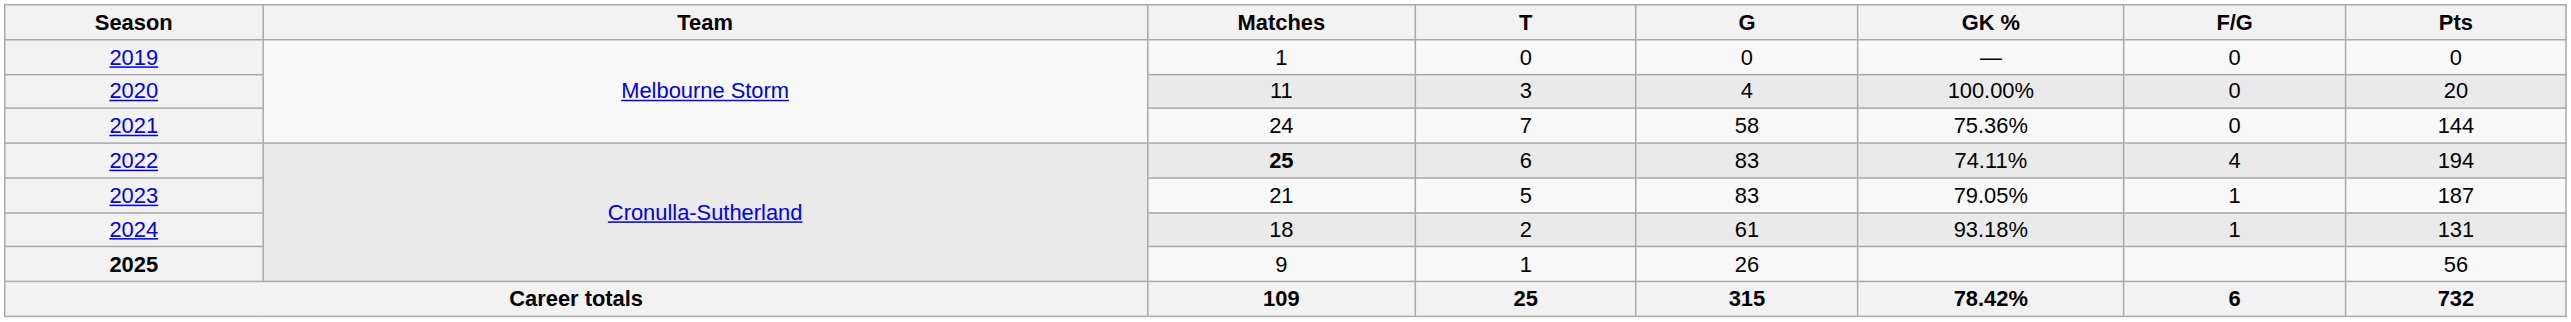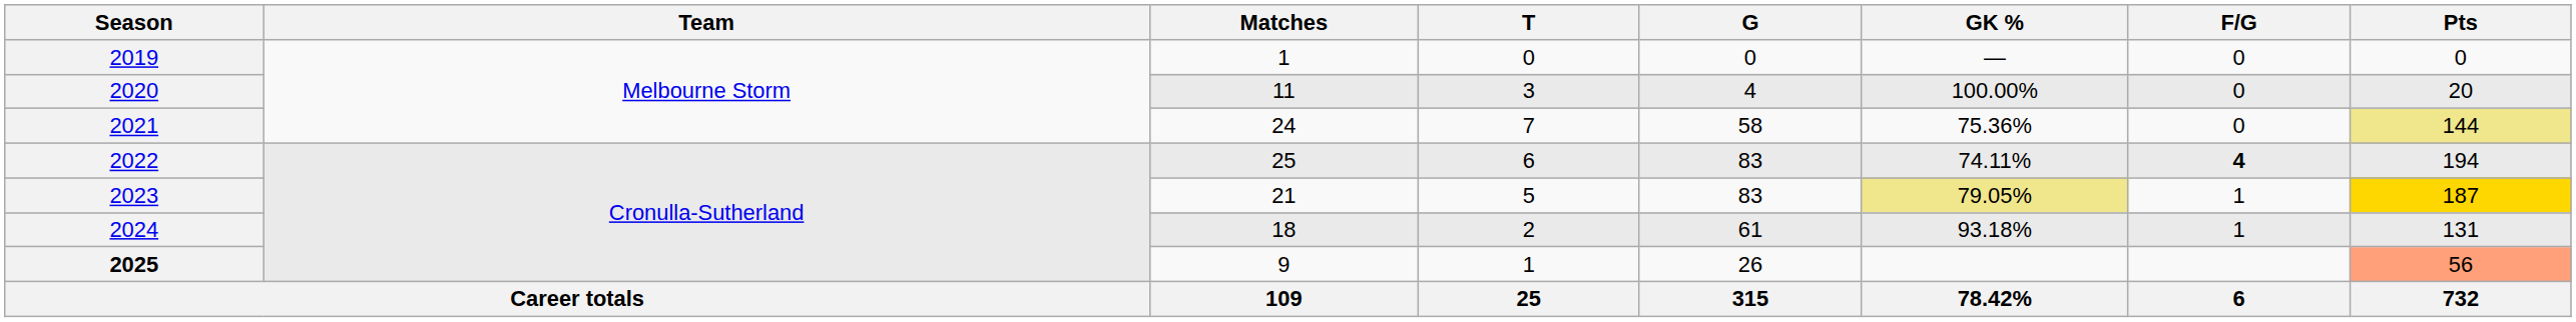 <table class="wikitable sortable"  style="font-size:90%; text-align:center; width:85%;">
 <tr>
 <th width=2%>Season</th>
 <th width=8%>Team</th>
 <th width=2%>Matches</th>
 <th width=2%>T</th>
 <th width=2%>G</th>
 <th width=2%>GK %</th>
 <th width=2%>F/G</th>
 <th width=2%>Pts</th>
 </tr>
 <tr>
 <th scope="row" style="text-align:center; font-weight:normal"><a href='#'>2019</a></th>
 <td rowspan="3" style="text-align:center;"> <a href='#'>Melbourne Storm</a></td>
 <td>1</td>
 <td>0</td>
 <td>0</td>
 <td>—</td>
 <td>0</td>
 <td>0</td>
 </tr>
 <tr style="background:#eaeaea;">
 <th scope="row" style="text-align:center; font-weight:normal"><a href='#'>2020</a></th>
 <td>11</td>
 <td>3</td>
 <td>4</td>
 <td>100.00%</td>
 <td>0</td>
 <td>20</td>
 </tr>
 <tr>
 <th scope="row" style="text-align:center; font-weight:normal"><a href='#'>2021</a></th>
 <td>24</td>
 <td>7</td>
 <td>58</td>
 <td>75.36%</td>
 <td>0</td>
-<td>144</td>
+<td style="background: khaki;">144</td>
 </tr>
 <tr style="background:#eaeaea;">
 <th scope="row" style="text-align:center; font-weight:normal"><a href='#'>2022</a></th>
 <td rowspan="4" style="text-align:center;"> <a href='#'>Cronulla-Sutherland</a></td>
-<td><strong>25</strong></td>
+<td>25</td>
 <td>6</td>
 <td>83</td>
 <td>74.11%</td>
-<td>4</td>
+<td><strong>4</strong></td>
 <td>194</td>
 </tr>
 <tr>
 <th scope="row" style="text-align:center; font-weight:normal"><a href='#'>2023</a></th>
 <td>21</td>
 <td>5</td>
 <td>83</td>
-<td>79.05%</td>
+<td style="background: khaki;">79.05%</td>
 <td>1</td>
-<td>187</td>
+<td style="background: gold;">187</td>
 </tr>
 <tr style="background:#eaeaea;">
 <th scope="row" style="text-align:center; font-weight:normal"><a href='#'>2024</a></th>
 <td>18</td>
 <td>2</td>
 <td>61</td>
 <td>93.18%</td>
 <td>1</td>
 <td>131</td>
 </tr>
 <tr>
 <th>2025</th>
 <td>9</td>
 <td>1</td>
 <td>26</td>
 <td></td>
 <td></td>
-<td>56</td>
+<td style="background: lightsalmon;">56</td>
 </tr>
 <tr class="sortbottom">
 <th colspan="2">Career totals</th>
 <th>109</th>
 <th>25</th>
 <th>315</th>
 <th>78.42%</th>
 <th>6</th>
 <th>732</th>
 </tr>
 </table>
